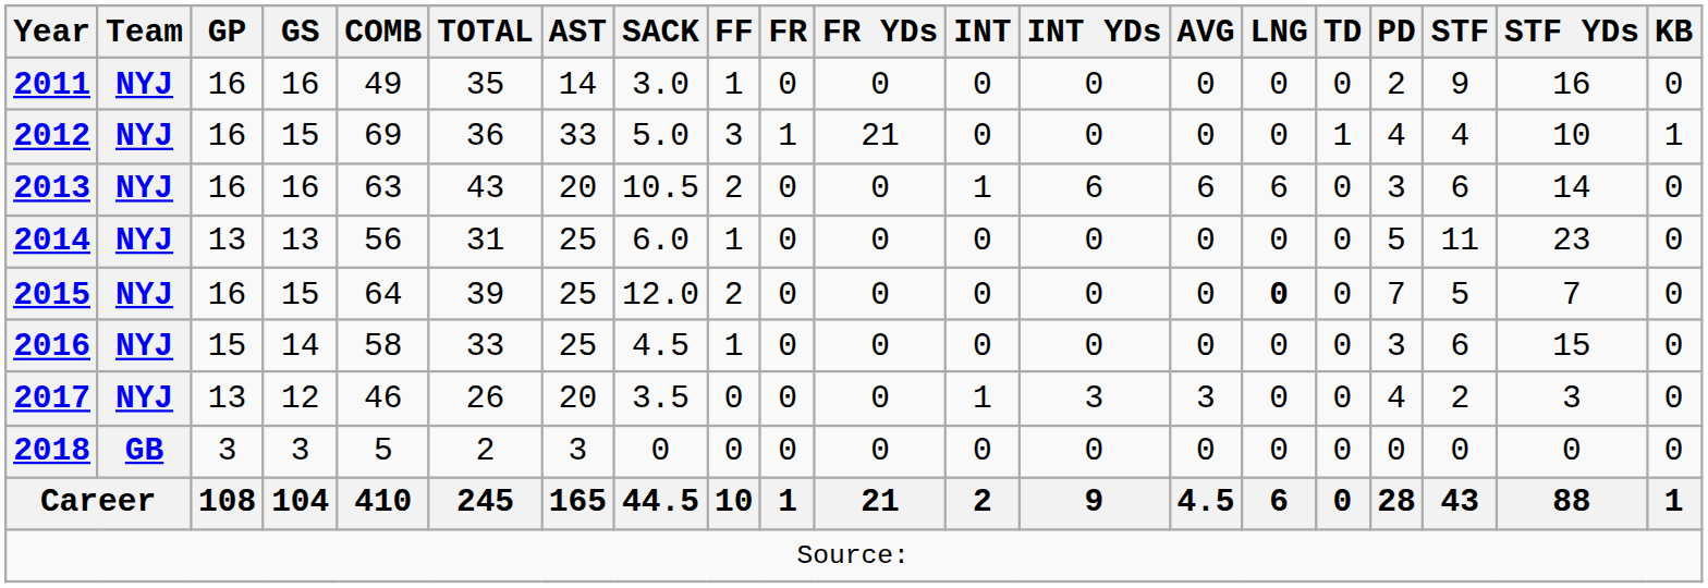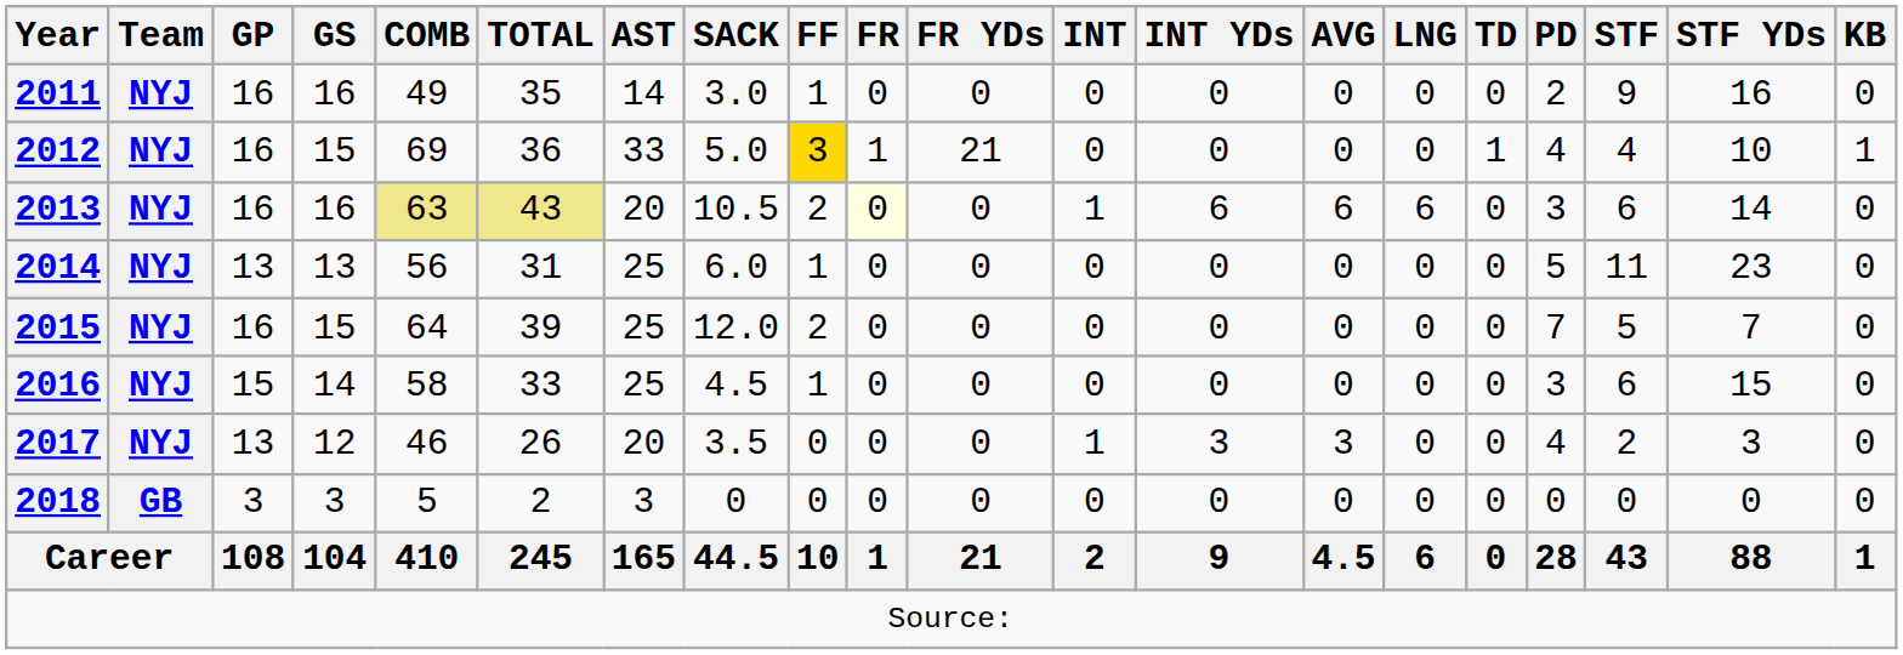 <table class="wikitable" style="text-align:center">
 <tr>
 <th>Year</th>
 <th>Team</th>
 <th>GP</th>
 <th>GS</th>
 <th>COMB</th>
 <th>TOTAL</th>
 <th>AST</th>
 <th>SACK</th>
 <th>FF</th>
 <th>FR</th>
 <th>FR YDs</th>
 <th>INT</th>
 <th>INT YDs</th>
 <th>AVG</th>
 <th>LNG</th>
 <th>TD</th>
 <th>PD</th>
 <th>STF</th>
 <th>STF YDs</th>
 <th>KB</th>
 </tr>
 <tr>
 <th><a href='#'>2011</a></th>
 <th><a href='#'>NYJ</a></th>
 <td>16</td>
 <td>16</td>
 <td>49</td>
 <td>35</td>
 <td>14</td>
 <td>3.0</td>
 <td>1</td>
 <td>0</td>
 <td>0</td>
 <td>0</td>
 <td>0</td>
 <td>0</td>
 <td>0</td>
 <td>0</td>
 <td>2</td>
 <td>9</td>
 <td>16</td>
 <td>0</td>
 </tr>
 <tr>
 <th><a href='#'>2012</a></th>
 <th><a href='#'>NYJ</a></th>
 <td>16</td>
 <td>15</td>
 <td>69</td>
 <td>36</td>
 <td>33</td>
 <td>5.0</td>
-<td>3</td>
+<td style="background: gold;">3</td>
 <td>1</td>
 <td>21</td>
 <td>0</td>
 <td>0</td>
 <td>0</td>
 <td>0</td>
 <td>1</td>
 <td>4</td>
 <td>4</td>
 <td>10</td>
 <td>1</td>
 </tr>
 <tr>
 <th><a href='#'>2013</a></th>
 <th><a href='#'>NYJ</a></th>
 <td>16</td>
 <td>16</td>
-<td>63</td>
-<td>43</td>
+<td style="background: khaki;">63</td>
+<td style="background: khaki;">43</td>
 <td>20</td>
 <td>10.5</td>
 <td>2</td>
-<td>0</td>
+<td style="background: lightyellow;">0</td>
 <td>0</td>
 <td>1</td>
 <td>6</td>
 <td>6</td>
 <td>6</td>
 <td>0</td>
 <td>3</td>
 <td>6</td>
 <td>14</td>
 <td>0</td>
 </tr>
 <tr>
 <th><a href='#'>2014</a></th>
 <th><a href='#'>NYJ</a></th>
 <td>13</td>
 <td>13</td>
 <td>56</td>
 <td>31</td>
 <td>25</td>
 <td>6.0</td>
 <td>1</td>
 <td>0</td>
 <td>0</td>
 <td>0</td>
 <td>0</td>
 <td>0</td>
 <td>0</td>
 <td>0</td>
 <td>5</td>
 <td>11</td>
 <td>23</td>
 <td>0</td>
 </tr>
 <tr>
 <th><a href='#'>2015</a></th>
 <th><a href='#'>NYJ</a></th>
 <td>16</td>
 <td>15</td>
 <td>64</td>
 <td>39</td>
 <td>25</td>
 <td>12.0</td>
 <td>2</td>
 <td>0</td>
 <td>0</td>
 <td>0</td>
 <td>0</td>
 <td>0</td>
-<td><strong>0</strong></td>
+<td>0</td>
 <td>0</td>
 <td>7</td>
 <td>5</td>
 <td>7</td>
 <td>0</td>
 </tr>
 <tr>
 <th><a href='#'>2016</a></th>
 <th><a href='#'>NYJ</a></th>
 <td>15</td>
 <td>14</td>
 <td>58</td>
 <td>33</td>
 <td>25</td>
 <td>4.5</td>
 <td>1</td>
 <td>0</td>
 <td>0</td>
 <td>0</td>
 <td>0</td>
 <td>0</td>
 <td>0</td>
 <td>0</td>
 <td>3</td>
 <td>6</td>
 <td>15</td>
 <td>0</td>
 </tr>
 <tr>
 <th><a href='#'>2017</a></th>
 <th><a href='#'>NYJ</a></th>
 <td>13</td>
 <td>12</td>
 <td>46</td>
 <td>26</td>
 <td>20</td>
 <td>3.5</td>
 <td>0</td>
 <td>0</td>
 <td>0</td>
 <td>1</td>
 <td>3</td>
 <td>3</td>
 <td>0</td>
 <td>0</td>
 <td>4</td>
 <td>2</td>
 <td>3</td>
 <td>0</td>
 </tr>
 <tr>
 <th><a href='#'>2018</a></th>
 <th><a href='#'>GB</a></th>
 <td>3</td>
 <td>3</td>
 <td>5</td>
 <td>2</td>
 <td>3</td>
 <td>0</td>
 <td>0</td>
 <td>0</td>
 <td>0</td>
 <td>0</td>
 <td>0</td>
 <td>0</td>
 <td>0</td>
 <td>0</td>
 <td>0</td>
 <td>0</td>
 <td>0</td>
 <td>0</td>
 </tr>
 <tr>
 <th colspan="2">Career</th>
 <th>108</th>
 <th>104</th>
 <th>410</th>
 <th>245</th>
 <th>165</th>
 <th>44.5</th>
 <th>10</th>
 <th>1</th>
 <th>21</th>
 <th>2</th>
 <th>9</th>
 <th>4.5</th>
 <th>6</th>
 <th>0</th>
 <th>28</th>
 <th>43</th>
 <th>88</th>
 <th>1</th>
 </tr>
 <tr>
 <td colspan=20><small>Source: </small></td>
 </tr>
 </table>
